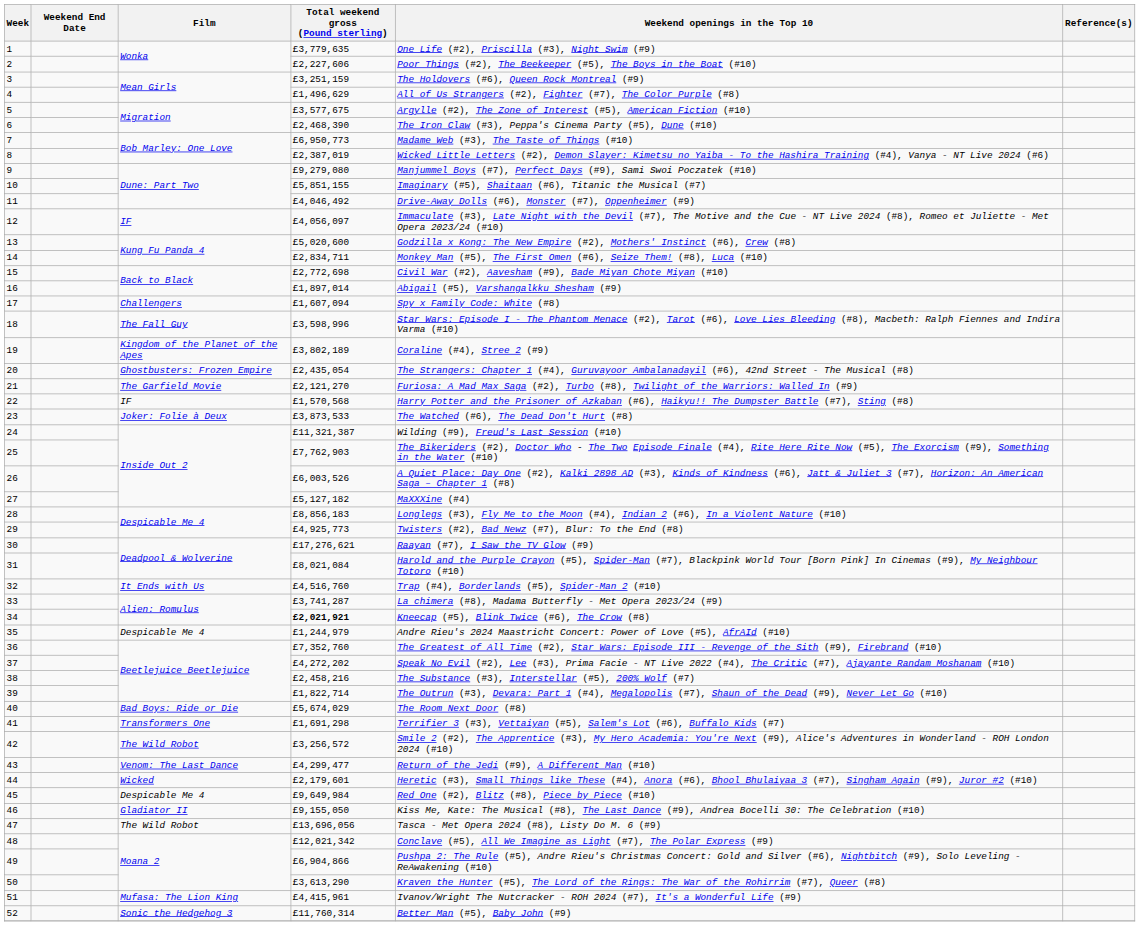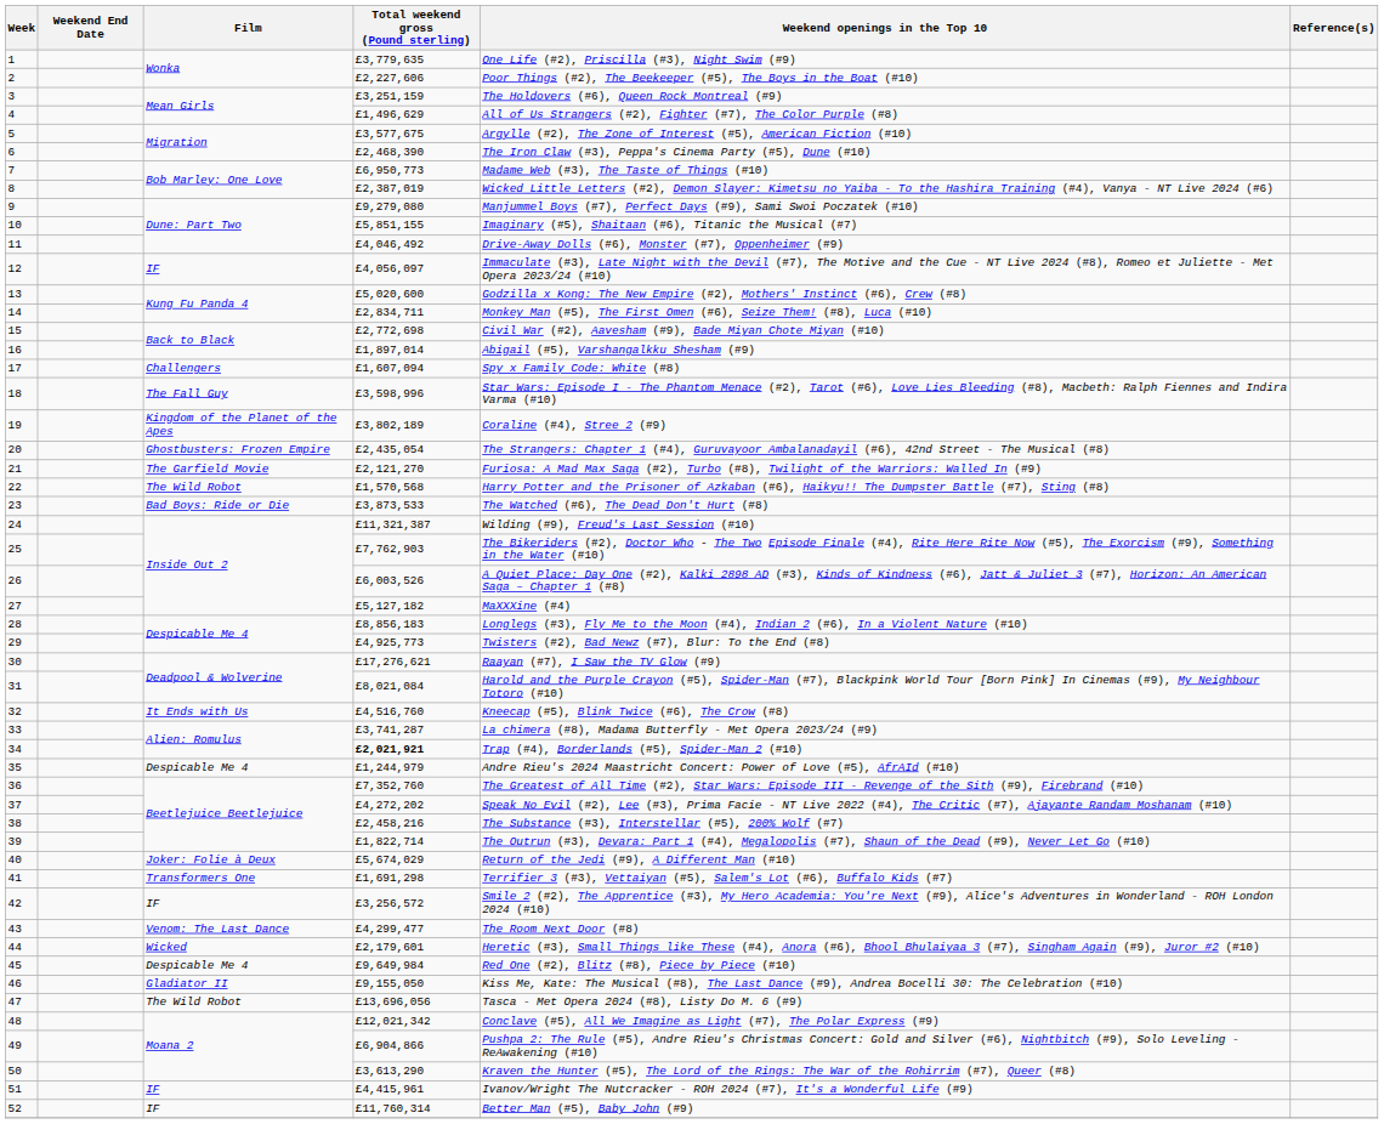 <table class="wikitable sortable">
 <tr>
 <th>Week</th>
 <th>Weekend End Date</th>
 <th>Film</th>
 <th>Total weekend gross<br>(<a href='#'>Pound sterling</a>)</th>
 <th>Weekend openings in the Top 10</th>
 <th>Reference(s)</th>
 </tr>
 <tr>
 <td>1</td>
 <td></td>
 <td rowspan="2"><em><a href='#'>Wonka</a></em></td>
 <td>£3,779,635</td>
 <td><em><a href='#'>One Life</a></em> (#2), <em><a href='#'>Priscilla</a></em> (#3), <em><a href='#'>Night Swim</a></em> (#9)</td>
 <td align="center"></td>
 </tr>
 <tr>
 <td>2</td>
 <td></td>
 <td>£2,227,606</td>
 <td><em><a href='#'>Poor Things</a></em> (#2), <em><a href='#'>The Beekeeper</a></em> (#5), <em><a href='#'>The Boys in the Boat</a></em> (#10)</td>
 <td align="center"></td>
 </tr>
 <tr>
 <td>3</td>
 <td></td>
 <td rowspan="2"><em><a href='#'>Mean Girls</a></em></td>
 <td>£3,251,159</td>
 <td><em><a href='#'>The Holdovers</a></em> (#6), <em><a href='#'>Queen Rock Montreal</a></em> (#9)</td>
 <td align="center"></td>
 </tr>
 <tr>
 <td>4</td>
 <td></td>
 <td>£1,496,629</td>
 <td><em><a href='#'>All of Us Strangers</a></em> (#2), <em><a href='#'>Fighter</a></em> (#7), <em><a href='#'>The Color Purple</a></em> (#8)</td>
 <td align="center"></td>
 </tr>
 <tr>
 <td>5</td>
 <td></td>
 <td rowspan="2"><em><a href='#'>Migration</a></em></td>
 <td>£3,577,675</td>
 <td><em><a href='#'>Argylle</a></em> (#2),  <em><a href='#'>The Zone of Interest</a></em> (#5), <em><a href='#'>American Fiction</a></em> (#10)</td>
 <td align="center"></td>
 </tr>
 <tr>
 <td>6</td>
 <td></td>
 <td>£2,468,390</td>
 <td><em><a href='#'>The Iron Claw</a></em> (#3), <em>Peppa's Cinema Party</em> (#5), <em><a href='#'>Dune</a></em> (#10)</td>
 <td align="center"></td>
 </tr>
 <tr>
 <td>7</td>
 <td></td>
 <td rowspan="2"><em><a href='#'>Bob Marley: One Love</a></em></td>
 <td>£6,950,773</td>
 <td><em><a href='#'>Madame Web</a></em> (#3), <em><a href='#'>The Taste of Things</a></em> (#10)</td>
 <td align="center"></td>
 </tr>
 <tr>
 <td>8</td>
 <td></td>
 <td>£2,387,019</td>
 <td><em><a href='#'>Wicked Little Letters</a></em> (#2), <em><a href='#'>Demon Slayer: Kimetsu no Yaiba - To the Hashira Training</a></em> (#4), <em>Vanya - NT Live 2024</em> (#6)</td>
 <td align="center"></td>
 </tr>
 <tr>
 <td>9</td>
 <td></td>
 <td rowspan="3"><em><a href='#'>Dune: Part Two</a></em></td>
 <td>£9,279,080</td>
 <td><em><a href='#'>Manjummel Boys</a></em> (#7), <em><a href='#'>Perfect Days</a></em> (#9), <em>Sami Swoi Poczatek</em> (#10)</td>
 <td align="center"></td>
 </tr>
 <tr>
 <td>10</td>
 <td></td>
 <td>£5,851,155</td>
 <td><em><a href='#'>Imaginary</a></em> (#5), <em><a href='#'>Shaitaan</a></em> (#6), <em>Titanic the Musical</em> (#7)</td>
 <td align="center"></td>
 </tr>
 <tr>
 <td>11</td>
 <td></td>
 <td>£4,046,492</td>
 <td><em><a href='#'>Drive-Away Dolls</a></em> (#6), <em><a href='#'>Monster</a></em> (#7), <em><a href='#'>Oppenheimer</a></em> (#9)</td>
 <td align="center"></td>
 </tr>
 <tr>
 <td>12</td>
 <td></td>
 <td><em><a href='#'>IF</a></em></td>
 <td>£4,056,097</td>
 <td><em><a href='#'>Immaculate</a></em> (#3), <em><a href='#'>Late Night with the Devil</a></em> (#7), <em>The Motive and the Cue - NT Live 2024</em> (#8), <em>Romeo et Juliette - Met Opera 2023/24</em> (#10)</td>
 <td align="center"></td>
 </tr>
 <tr>
 <td>13</td>
 <td></td>
 <td rowspan="2"><em><a href='#'>Kung Fu Panda 4</a></em></td>
 <td>£5,020,600</td>
 <td><em><a href='#'>Godzilla x Kong: The New Empire</a></em> (#2), <em><a href='#'>Mothers' Instinct</a></em> (#6), <em><a href='#'>Crew</a></em> (#8)</td>
 <td align="center"></td>
 </tr>
 <tr>
 <td>14</td>
 <td></td>
 <td>£2,834,711</td>
 <td><em><a href='#'>Monkey Man</a></em> (#5), <em><a href='#'>The First Omen</a></em> (#6), <em><a href='#'>Seize Them!</a></em> (#8), <em><a href='#'>Luca</a></em> (#10)</td>
 <td align="center"></td>
 </tr>
 <tr>
 <td>15</td>
 <td></td>
 <td rowspan="2"><em><a href='#'>Back to Black</a></em></td>
 <td>£2,772,698</td>
 <td><em><a href='#'>Civil War</a></em> (#2), <em><a href='#'>Aavesham</a></em> (#9), <em><a href='#'>Bade Miyan Chote Miyan</a></em> (#10)</td>
 <td align="center"></td>
 </tr>
 <tr>
 <td>16</td>
 <td></td>
 <td>£1,897,014</td>
 <td><em><a href='#'>Abigail</a></em> (#5), <em><a href='#'>Varshangalkku Shesham</a></em> (#9)</td>
 <td align="center"></td>
 </tr>
 <tr>
 <td>17</td>
 <td></td>
 <td><em><a href='#'>Challengers</a></em></td>
 <td>£1,607,094</td>
 <td><em><a href='#'>Spy x Family Code: White</a></em> (#8)</td>
 <td align="center"></td>
 </tr>
 <tr>
 <td>18</td>
 <td></td>
 <td><em><a href='#'>The Fall Guy</a></em></td>
 <td>£3,598,996</td>
 <td><em><a href='#'>Star Wars: Episode I - The Phantom Menace</a></em> (#2), <em><a href='#'>Tarot</a></em> (#6), <em><a href='#'>Love Lies Bleeding</a></em> (#8), <em>Macbeth: Ralph Fiennes and Indira Varma</em> (#10)</td>
 <td align="center"></td>
 </tr>
 <tr>
 <td>19</td>
 <td></td>
 <td><em><a href='#'>Kingdom of the Planet of the Apes</a></em></td>
 <td>£3,802,189</td>
 <td><em><a href='#'>Coraline</a></em> (#4), <em><a href='#'>Stree 2</a></em> (#9)</td>
 <td align="center"></td>
 </tr>
 <tr>
 <td>20</td>
 <td></td>
 <td><em><a href='#'>Ghostbusters: Frozen Empire</a></em></td>
 <td>£2,435,054</td>
 <td><em><a href='#'>The Strangers: Chapter 1</a></em> (#4), <em><a href='#'>Guruvayoor Ambalanadayil</a></em> (#6), <em>42nd Street - The Musical</em> (#8)</td>
 <td align="center"></td>
 </tr>
 <tr>
 <td>21</td>
 <td></td>
 <td><em><a href='#'>The Garfield Movie</a></em></td>
 <td>£2,121,270</td>
 <td><em><a href='#'>Furiosa: A Mad Max Saga</a></em> (#2), <em><a href='#'>Turbo</a></em> (#8), <em><a href='#'>Twilight of the Warriors: Walled In</a></em> (#9)</td>
 <td align="center"></td>
 </tr>
 <tr>
 <td>22</td>
 <td></td>
-<td><em>IF</em></td>
+<td><em><a href='#'>The Wild Robot</a></em></td>
 <td>£1,570,568</td>
 <td><em><a href='#'>Harry Potter and the Prisoner of Azkaban</a></em> (#6), <em><a href='#'>Haikyu!! The Dumpster Battle</a></em> (#7), <em><a href='#'>Sting</a></em> (#8)</td>
 <td align="center"></td>
 </tr>
 <tr>
 <td>23</td>
 <td></td>
-<td><em><a href='#'>Joker: Folie à Deux</a></em></td>
+<td><em><a href='#'>Bad Boys: Ride or Die</a></em></td>
 <td>£3,873,533</td>
 <td><em><a href='#'>The Watched</a></em> (#6), <em><a href='#'>The Dead Don't Hurt</a></em> (#8)</td>
 <td align="center"></td>
 </tr>
 <tr>
 <td>24</td>
 <td></td>
 <td rowspan="4"><em><a href='#'>Inside Out 2</a></em></td>
 <td>£11,321,387</td>
 <td><em>Wilding</em> (#9), <em><a href='#'>Freud's Last Session</a></em> (#10)</td>
 <td align="center"></td>
 </tr>
 <tr>
 <td>25</td>
 <td></td>
 <td>£7,762,903</td>
 <td><em><a href='#'>The Bikeriders</a></em> (#2), <em><a href='#'>Doctor Who</a></em> - <em><a href='#'>The Two</a></em> <em><a href='#'>Episode Finale</a></em> (#4), <em><a href='#'>Rite Here Rite Now</a></em> (#5), <em><a href='#'>The Exorcism</a></em> (#9), <em><a href='#'>Something in the Water</a></em> (#10)</td>
 <td align="center"></td>
 </tr>
 <tr>
 <td>26</td>
 <td></td>
 <td>£6,003,526</td>
 <td><em><a href='#'>A Quiet Place: Day One</a></em> (#2), <em><a href='#'>Kalki 2898 AD</a></em> (#3), <em><a href='#'>Kinds of Kindness</a></em> (#6), <em><a href='#'>Jatt & Juliet 3</a></em> (#7), <em><a href='#'>Horizon: An American Saga – Chapter 1</a></em> (#8)</td>
 <td align="center"></td>
 </tr>
 <tr>
 <td>27</td>
 <td></td>
 <td>£5,127,182</td>
 <td><em><a href='#'>MaXXXine</a></em> (#4)</td>
 <td align="center"></td>
 </tr>
 <tr>
 <td>28</td>
 <td></td>
 <td rowspan="2"><em><a href='#'>Despicable Me 4</a></em></td>
 <td>£8,856,183</td>
 <td><em><a href='#'>Longlegs</a></em> (#3),  <em><a href='#'>Fly Me to the Moon</a></em> (#4), <em><a href='#'>Indian 2</a></em> (#6), <em><a href='#'>In a Violent Nature</a></em> (#10)</td>
 <td align="center"></td>
 </tr>
 <tr>
 <td>29</td>
 <td></td>
 <td>£4,925,773</td>
 <td><em><a href='#'>Twisters</a></em> (#2), <em><a href='#'>Bad Newz</a></em> (#7), <em>Blur: To the End</em> (#8)</td>
 <td align="center"></td>
 </tr>
 <tr>
 <td>30</td>
 <td></td>
 <td rowspan="2"><em><a href='#'>Deadpool & Wolverine</a></em></td>
 <td>£17,276,621</td>
 <td><em><a href='#'>Raayan</a></em> (#7), <em><a href='#'>I Saw the TV Glow</a></em> (#9)</td>
 <td align="center"></td>
 </tr>
 <tr>
 <td>31</td>
 <td></td>
 <td>£8,021,084</td>
 <td><em><a href='#'>Harold and the Purple Crayon</a></em> (#5), <em><a href='#'>Spider-Man</a></em> (#7), <em>Blackpink World Tour [Born Pink] In Cinemas</em> (#9), <em><a href='#'>My Neighbour Totoro</a></em> (#10)</td>
 <td align="center"></td>
 </tr>
 <tr>
 <td>32</td>
 <td></td>
 <td><em><a href='#'>It Ends with Us</a></em></td>
 <td>£4,516,760</td>
-<td><em><a href='#'>Trap</a></em> (#4), <em><a href='#'>Borderlands</a></em> (#5), <em><a href='#'>Spider-Man 2</a></em> (#10)</td>
+<td><em><a href='#'>Kneecap</a></em> (#5), <em><a href='#'>Blink Twice</a></em> (#6), <em><a href='#'>The Crow</a></em> (#8)</td>
 <td align="center"></td>
 </tr>
 <tr>
 <td>33</td>
 <td></td>
 <td rowspan="2"><em><a href='#'>Alien: Romulus</a></em></td>
 <td>£3,741,287</td>
 <td><em><a href='#'>La chimera</a></em> (#8), <em>Madama Butterfly - Met Opera 2023/24</em> (#9)</td>
 <td align="center"></td>
 </tr>
 <tr>
 <td>34</td>
 <td></td>
 <td><strong>£2,021,921</strong></td>
-<td><em><a href='#'>Kneecap</a></em> (#5), <em><a href='#'>Blink Twice</a></em> (#6), <em><a href='#'>The Crow</a></em> (#8)</td>
+<td><em><a href='#'>Trap</a></em> (#4), <em><a href='#'>Borderlands</a></em> (#5), <em><a href='#'>Spider-Man 2</a></em> (#10)</td>
 <td align="center"></td>
 </tr>
 <tr>
 <td>35</td>
 <td></td>
 <td><em>Despicable Me 4</em></td>
 <td>£1,244,979</td>
 <td><em>Andre Rieu's 2024 Maastricht Concert: Power of Love</em> (#5), <em><a href='#'>AfrAId</a></em> (#10)</td>
 <td align="center"></td>
 </tr>
 <tr>
 <td>36</td>
 <td></td>
 <td rowspan="4"><em><a href='#'>Beetlejuice Beetlejuice</a></em></td>
 <td>£7,352,760</td>
 <td><em><a href='#'>The Greatest of All Time</a></em> (#2), <em><a href='#'>Star Wars: Episode III - Revenge of the Sith</a></em> (#9), <em><a href='#'>Firebrand</a></em> (#10)</td>
 <td align="center"></td>
 </tr>
 <tr>
 <td>37</td>
 <td></td>
 <td>£4,272,202</td>
 <td><em><a href='#'>Speak No Evil</a></em> (#2), <em><a href='#'>Lee</a></em> (#3), <em>Prima Facie - NT Live 2022</em> (#4), <em><a href='#'>The Critic</a></em> (#7), <em><a href='#'>Ajayante Randam Moshanam</a></em> (#10)</td>
 <td align="center"></td>
 </tr>
 <tr>
 <td>38</td>
 <td></td>
 <td>£2,458,216</td>
 <td><em><a href='#'>The Substance</a></em> (#3), <em><a href='#'>Interstellar</a></em> (#5), <em><a href='#'>200% Wolf</a></em> (#7)</td>
 <td align="center"></td>
 </tr>
 <tr>
 <td>39</td>
 <td></td>
 <td>£1,822,714</td>
 <td><em><a href='#'>The Outrun</a></em> (#3), <em><a href='#'>Devara: Part 1</a></em> (#4), <em><a href='#'>Megalopolis</a></em> (#7), <em><a href='#'>Shaun of the Dead</a></em> (#9), <em><a href='#'>Never Let Go</a></em> (#10)</td>
 <td align="center"></td>
 </tr>
 <tr>
 <td>40</td>
 <td></td>
-<td><em><a href='#'>Bad Boys: Ride or Die</a></em></td>
+<td><em><a href='#'>Joker: Folie à Deux</a></em></td>
 <td>£5,674,029</td>
-<td><em><a href='#'>The Room Next Door</a></em> (#8)</td>
+<td><em><a href='#'>Return of the Jedi</a></em> (#9), <em><a href='#'>A Different Man</a></em> (#10)</td>
 <td align="center"></td>
 </tr>
 <tr>
 <td>41</td>
 <td></td>
 <td><em><a href='#'>Transformers One</a></em></td>
 <td>£1,691,298</td>
 <td><em><a href='#'>Terrifier 3</a></em> (#3), <em><a href='#'>Vettaiyan</a></em> (#5), <em><a href='#'>Salem's Lot</a></em> (#6), <em><a href='#'>Buffalo Kids</a></em> (#7)</td>
 <td align="center"></td>
 </tr>
 <tr>
 <td>42</td>
 <td></td>
-<td><em><a href='#'>The Wild Robot</a></em></td>
+<td><em>IF</em></td>
 <td>£3,256,572</td>
 <td><em><a href='#'>Smile 2</a></em> (#2), <em><a href='#'>The Apprentice</a></em> (#3), <em><a href='#'>My Hero Academia: You're Next</a></em> (#9), <em>Alice's Adventures in Wonderland - ROH London 2024</em> (#10)</td>
 <td align="center"></td>
 </tr>
 <tr>
 <td>43</td>
 <td></td>
 <td><em><a href='#'>Venom: The Last Dance</a></em></td>
 <td>£4,299,477</td>
-<td><em><a href='#'>Return of the Jedi</a></em> (#9), <em><a href='#'>A Different Man</a></em> (#10)</td>
+<td><em><a href='#'>The Room Next Door</a></em> (#8)</td>
 <td align="center"></td>
 </tr>
 <tr>
 <td>44</td>
 <td></td>
 <td><em><a href='#'>Wicked</a></em></td>
 <td>£2,179,601</td>
 <td><em><a href='#'>Heretic</a></em> (#3), <em><a href='#'>Small Things like These</a></em> (#4), <em><a href='#'>Anora</a></em> (#6), <em><a href='#'>Bhool Bhulaiyaa 3</a></em> (#7), <em><a href='#'>Singham Again</a></em> (#9), <em><a href='#'>Juror #2</a></em> (#10)</td>
 <td align="center"></td>
 </tr>
 <tr>
 <td>45</td>
 <td></td>
 <td><em>Despicable Me 4</em></td>
 <td>£9,649,984</td>
 <td><em><a href='#'>Red One</a></em> (#2), <em><a href='#'>Blitz</a></em> (#8), <em><a href='#'>Piece by Piece</a></em> (#10)</td>
 <td align="center"></td>
 </tr>
 <tr>
 <td>46</td>
 <td></td>
 <td><em><a href='#'>Gladiator II</a></em></td>
 <td>£9,155,050</td>
 <td><em>Kiss Me, Kate: The Musical</em> (#8), <em><a href='#'>The Last Dance</a></em> (#9), <em>Andrea Bocelli 30: The Celebration</em> (#10)</td>
 <td align="center"></td>
 </tr>
 <tr>
 <td>47</td>
 <td></td>
 <td><em>The Wild Robot</em></td>
 <td>£13,696,056</td>
 <td><em>Tasca - Met Opera 2024</em> (#8), <em>Listy Do M. 6</em> (#9)</td>
 <td align="center"></td>
 </tr>
 <tr>
 <td>48</td>
 <td></td>
 <td rowspan="3"><em><a href='#'>Moana 2</a></em></td>
 <td>£12,021,342</td>
 <td><em><a href='#'>Conclave</a></em> (#5), <em><a href='#'>All We Imagine as Light</a></em> (#7), <em><a href='#'>The Polar Express</a></em> (#9)</td>
 <td align="center"></td>
 </tr>
 <tr>
 <td>49</td>
 <td></td>
 <td>£6,904,866</td>
 <td><em><a href='#'>Pushpa 2: The Rule</a></em> (#5), <em>Andre Rieu's Christmas Concert: Gold and Silver</em> (#6), <em><a href='#'>Nightbitch</a></em> (#9), <em>Solo Leveling - ReAwakening</em> (#10)</td>
 <td align="center"></td>
 </tr>
 <tr>
 <td>50</td>
 <td></td>
 <td>£3,613,290</td>
 <td><em><a href='#'>Kraven the Hunter</a></em> (#5), <em><a href='#'>The Lord of the Rings: The War of the Rohirrim</a></em> (#7), <em><a href='#'>Queer</a></em> (#8)</td>
 <td align="center"></td>
 </tr>
 <tr>
 <td>51</td>
 <td></td>
-<td><em><a href='#'>Mufasa: The Lion King</a></em></td>
+<td><em><a href='#'>IF</a></em></td>
 <td>£4,415,961</td>
 <td><em>Ivanov/Wright The Nutcracker - ROH 2024</em> (#7), <em><a href='#'>It's a Wonderful Life</a></em> (#9)</td>
 <td align="center"></td>
 </tr>
 <tr>
 <td>52</td>
 <td></td>
-<td><em><a href='#'>Sonic the Hedgehog 3</a></em></td>
+<td><em>IF</em></td>
 <td>£11,760,314</td>
 <td><em><a href='#'>Better Man</a></em> (#5), <em><a href='#'>Baby John</a></em> (#9)</td>
 <td align="center"></td>
 </tr>
 <tr>
 </tr>
 </table>
